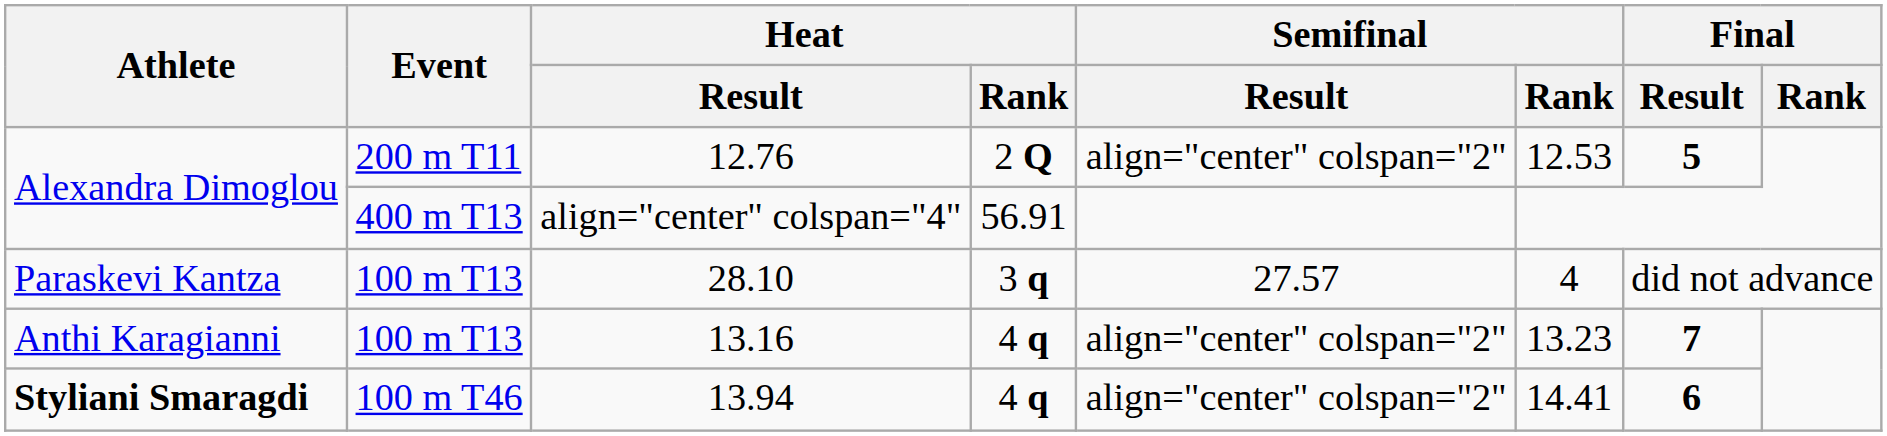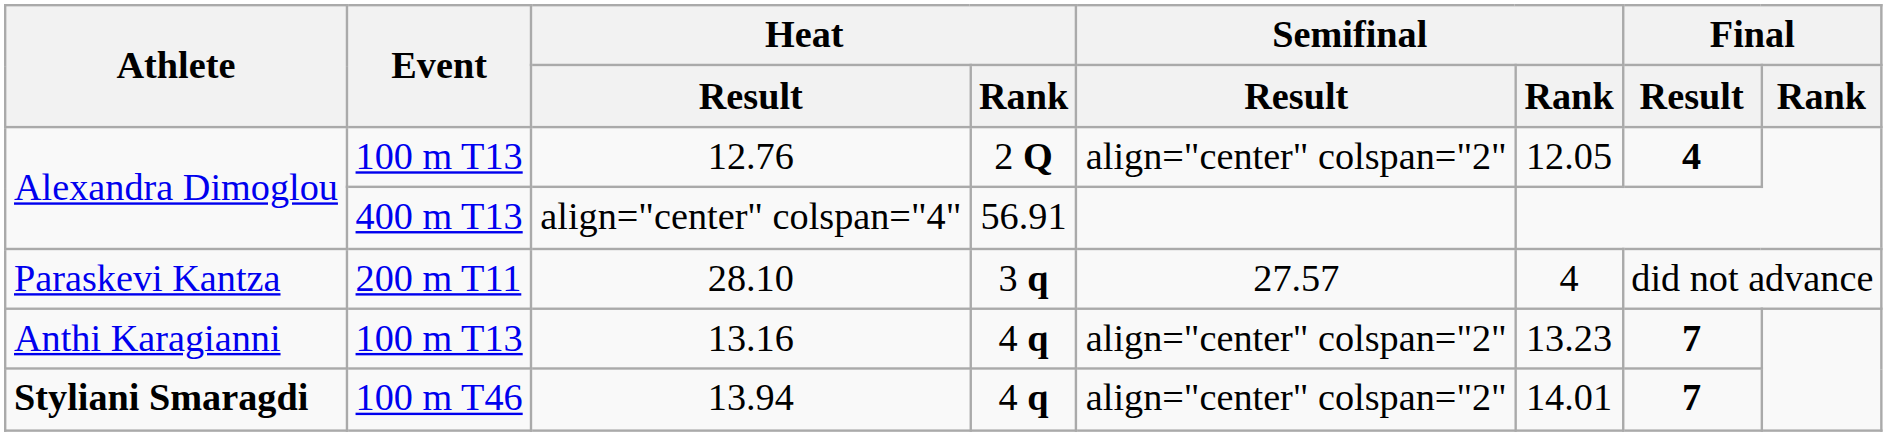 <table class="wikitable">
 <tr>
 <th rowspan="2">Athlete</th>
 <th rowspan="2">Event</th>
 <th colspan="2">Heat</th>
 <th colspan="2">Semifinal</th>
 <th colspan="2">Final</th>
 </tr>
 <tr>
 <th>Result</th>
 <th>Rank</th>
 <th>Result</th>
 <th>Rank</th>
 <th>Result</th>
 <th>Rank</th>
 </tr>
 <tr>
 <td rowspan=2><a href='#'>Alexandra Dimoglou</a></td>
-<td><a href='#'>200 m T11</a></td>
+<td><a href='#'>100 m T13</a></td>
 <td align="center">12.76</td>
 <td align="center">2 <strong>Q</strong></td>
 <td>align="center" colspan="2" </td>
-<td align="center">12.53 <strong></strong></td>
-<td align="center"><strong>5</strong></td>
+<td align="center">12.05 <strong></strong></td>
+<td align="center"><strong>4</strong></td>
 </tr>
 <tr>
 <td><a href='#'>400 m T13</a></td>
 <td>align="center" colspan="4" </td>
 <td align="center">56.91 <strong></strong></td>
 <td align="center"></td>
 </tr>
 <tr>
 <td><a href='#'>Paraskevi Kantza</a></td>
-<td><a href='#'>100 m T13</a></td>
+<td><a href='#'>200 m T11</a></td>
 <td align="center">28.10 <strong></strong></td>
 <td align="center">3 <strong>q</strong></td>
 <td align="center">27.57 <strong></strong></td>
 <td align="center">4</td>
 <td align="center" colspan="2">did not advance</td>
 </tr>
 <tr>
 <td><a href='#'>Anthi Karagianni</a></td>
 <td><a href='#'>100 m T13</a></td>
 <td align="center">13.16</td>
 <td align="center">4 <strong>q</strong></td>
 <td>align="center" colspan="2" </td>
 <td align="center">13.23</td>
 <td align="center"><strong>7</strong></td>
 </tr>
 <tr>
 <td><strong>Styliani Smaragdi</strong></td>
 <td><a href='#'>100 m T46</a></td>
 <td align="center">13.94</td>
 <td align="center">4 <strong>q</strong></td>
 <td>align="center" colspan="2" </td>
-<td align="center">14.41</td>
-<td align="center"><strong>6</strong></td>
+<td align="center">14.01</td>
+<td align="center"><strong>7</strong></td>
 </tr>
 </table>
